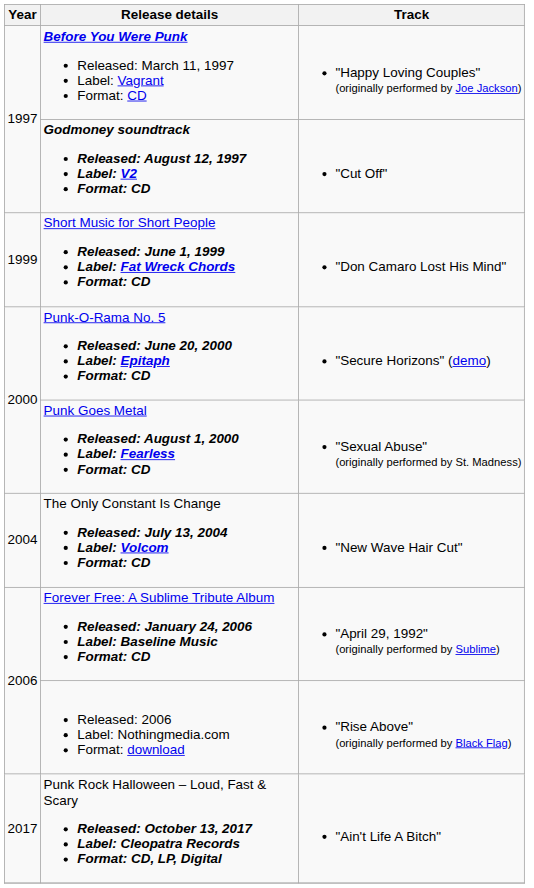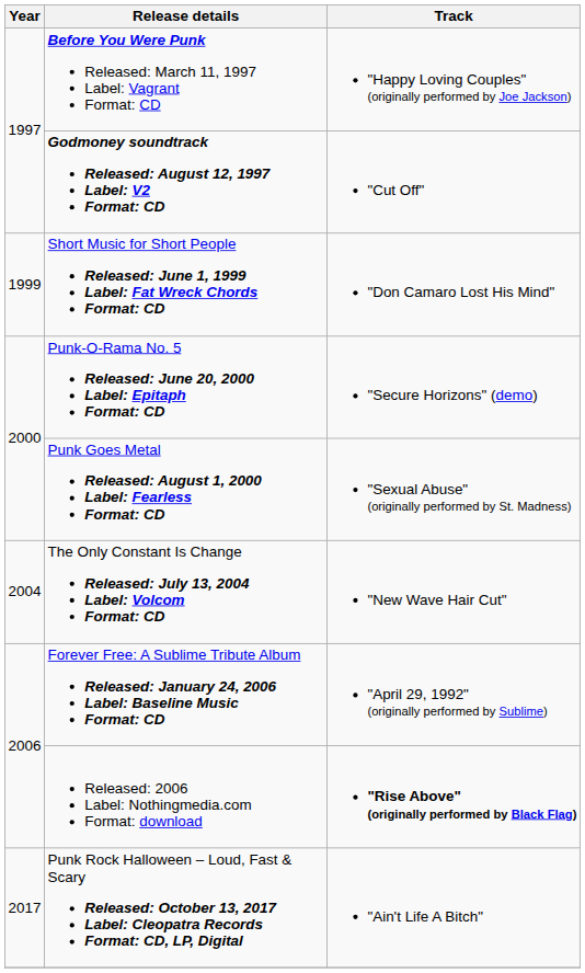 <table class ="wikitable">
 <tr>
 <th>Year</th>
 <th width="300">Release details</th>
 <th>Track</th>
 </tr>
 <tr>
 <td rowspan="2">1997</td>
 <td><strong><em><a href='#'>Before You Were Punk</a></em></strong><br><ul><li>Released: March 11, 1997</li><li>Label: <a href='#'>Vagrant</a></li><li>Format: <a href='#'>CD</a></li></ul></td>
 <td><br><ul><li>"Happy Loving Couples"<br><small>(originally performed by <a href='#'>Joe Jackson</a>)</small></li></ul></td>
 </tr>
 <tr>
 <td><strong><em>Godmoney<em> soundtrack<strong><br><ul><li>Released: August 12, 1997</li><li>Label: <a href='#'>V2</a></li><li>Format: CD</li></ul></td>
 <td><br><ul><li>"Cut Off"</li></ul></td>
 </tr>
 <tr>
 <td>1999</td>
 <td></em></strong><a href='#'>Short Music for Short People</a><strong><em><br><ul><li>Released: June 1, 1999</li><li>Label: <a href='#'>Fat Wreck Chords</a></li><li>Format: CD</li></ul></td>
 <td><br><ul><li>"Don Camaro Lost His Mind"</li></ul></td>
 </tr>
 <tr>
 <td rowspan="2">2000</td>
 <td></em></strong><a href='#'>Punk-O-Rama No. 5</a><strong><em><br><ul><li>Released: June 20, 2000</li><li>Label: <a href='#'>Epitaph</a></li><li>Format: CD</li></ul></td>
 <td><br><ul><li>"Secure Horizons" (<a href='#'>demo</a>)</li></ul></td>
 </tr>
 <tr>
 <td></em></strong><a href='#'>Punk Goes Metal</a><strong><em><br><ul><li>Released: August 1, 2000</li><li>Label: <a href='#'>Fearless</a></li><li>Format: CD</li></ul></td>
 <td><br><ul><li>"Sexual Abuse"<br><small>(originally performed by St. Madness)</small></li></ul></td>
 </tr>
 <tr>
 <td>2004</td>
 <td></em></strong>The Only Constant Is Change<strong><em><br><ul><li>Released: July 13, 2004</li><li>Label: <a href='#'>Volcom</a></li><li>Format: CD</li></ul></td>
 <td><br><ul><li>"New Wave Hair Cut"</li></ul></td>
 </tr>
 <tr>
 <td rowspan="2">2006</td>
 <td></em></strong><a href='#'>Forever Free: A Sublime Tribute Album</a><strong><em><br><ul><li>Released: January 24, 2006</li><li>Label: Baseline Music</li><li>Format: CD</li></ul></td>
 <td><br><ul><li>"April 29, 1992"<br><small>(originally performed by <a href='#'>Sublime</a>)</small></li></ul></td>
 </tr>
 <tr>
 <td><br><ul><li>Released: 2006</li><li>Label: Nothingmedia.com</li><li>Format: <a href='#'>download</a></li></ul></td>
-<td><br><ul><li>"Rise Above"<br><small>(originally performed by <a href='#'>Black Flag</a>)</small></li></ul></td>
+<td><strong><br><ul><li>"Rise Above"<br><small>(originally performed by <a href='#'>Black Flag</a>)</small></li></ul></strong></td>
 </tr>
 <tr>
 <td>2017</td>
 <td></em></strong>Punk Rock Halloween – Loud, Fast & Scary<strong><em><br><ul><li>Released: October 13, 2017</li><li>Label: Cleopatra Records</li><li>Format: CD, LP, Digital</li></ul></td>
 <td><br><ul><li>"Ain't Life A Bitch"</li></ul></td>
 </tr>
 <tr>
 </tr>
 </table>
